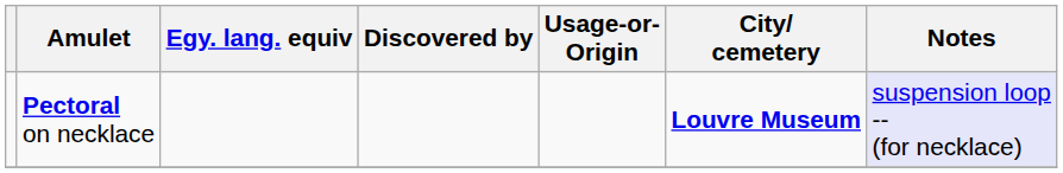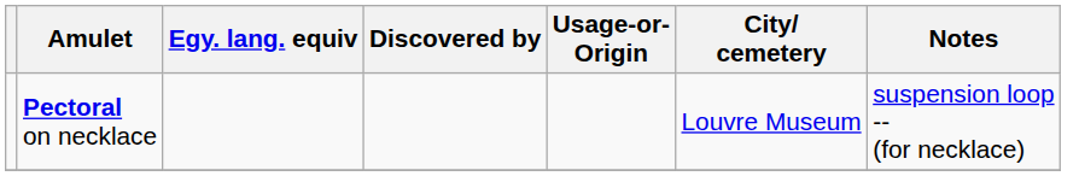 <table class="wikitable sortable">
 <tr style="background:#efefef;">
 <th></th>
 <th><strong>Amulet</strong></th>
 <th><a href='#'>Egy. lang.</a> equiv</th>
 <th>Discovered by</th>
 <th>Usage-or-<br>Origin</th>
 <th>City/<br>cemetery</th>
 <th>Notes</th>
 </tr>
 <tr>
 <td></td>
 <td><strong><a href='#'>Pectoral</a></strong><br>on necklace</td>
 <td></td>
 <td></td>
 <td></td>
-<td><strong><a href='#'>Louvre Museum</a></strong></td>
-<td style="background: lavender;"><a href='#'>suspension loop</a><br>--<br>(for necklace)</td>
+<td><a href='#'>Louvre Museum</a></td>
+<td><a href='#'>suspension loop</a><br>--<br>(for necklace)</td>
 </tr>
 <tr>
 </tr>
 </table>
